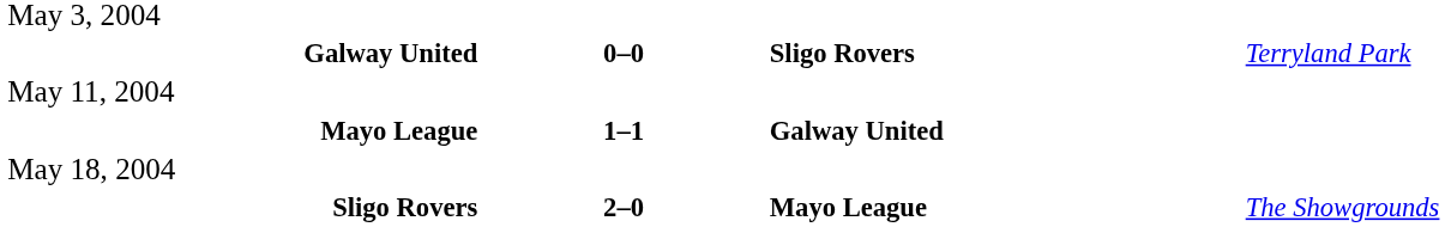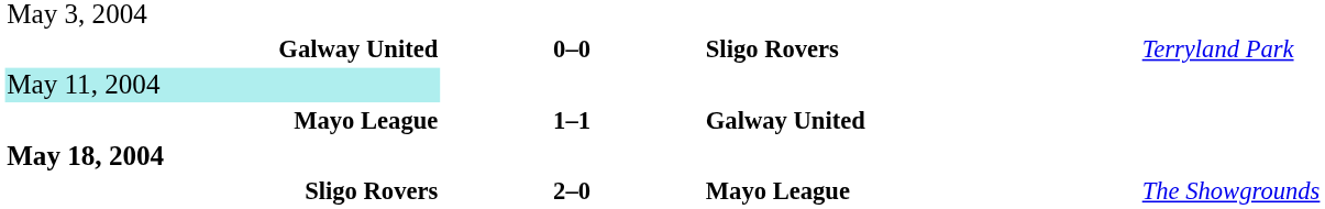 <table width=100% cellspacing=1>
 <tr>
 <th width=20%></th>
 <th width=12%></th>
 <th width=20%></th>
 <th></th>
 </tr>
 <tr>
 <td>May 3, 2004</td>
 </tr>
 <tr style=font-size:90%>
 <td align=right><strong>Galway United</strong></td>
 <td align=center><strong>0–0</strong></td>
 <td><strong>Sligo Rovers</strong></td>
 <td><em><a href='#'>Terryland Park</a></em></td>
 </tr>
 <tr>
-<td>May 11, 2004</td>
+<td style="background: paleturquoise;">May 11, 2004</td>
 </tr>
 <tr style=font-size:90%>
 <td align=right><strong>Mayo League</strong></td>
 <td align=center><strong>1–1</strong></td>
 <td><strong>Galway United</strong></td>
 <td></td>
 </tr>
 <tr>
-<td>May 18, 2004</td>
+<td><strong>May 18, 2004</strong></td>
 </tr>
 <tr style=font-size:90%>
 <td align=right><strong>Sligo Rovers</strong></td>
 <td align=center><strong>2–0</strong></td>
 <td><strong>Mayo League</strong></td>
 <td><em><a href='#'>The Showgrounds</a></em></td>
 </tr>
 </table>
